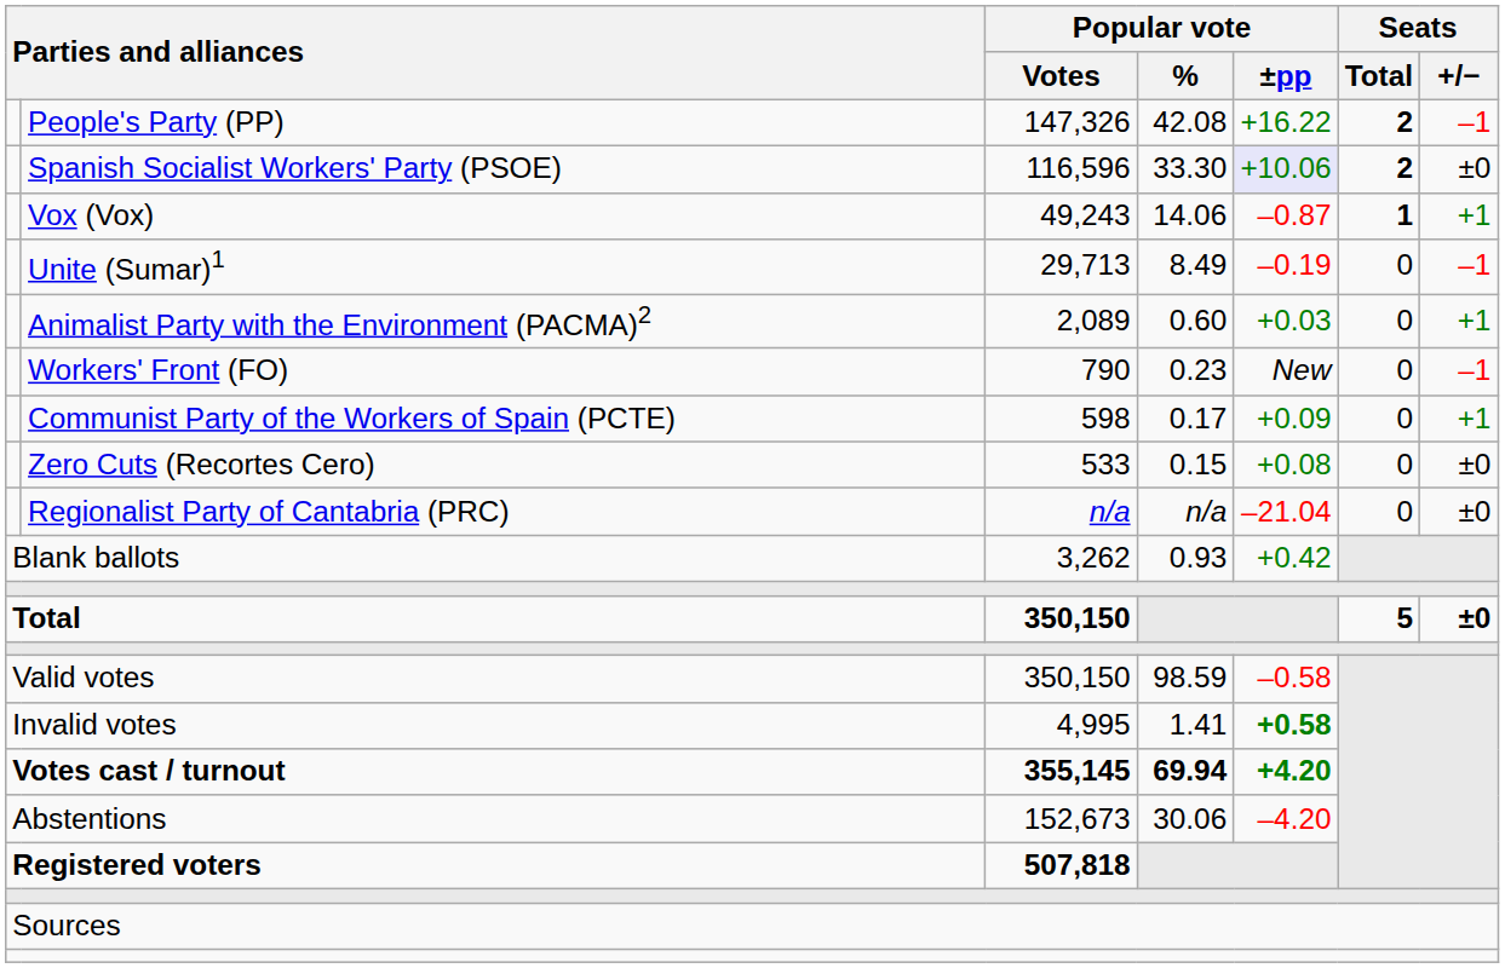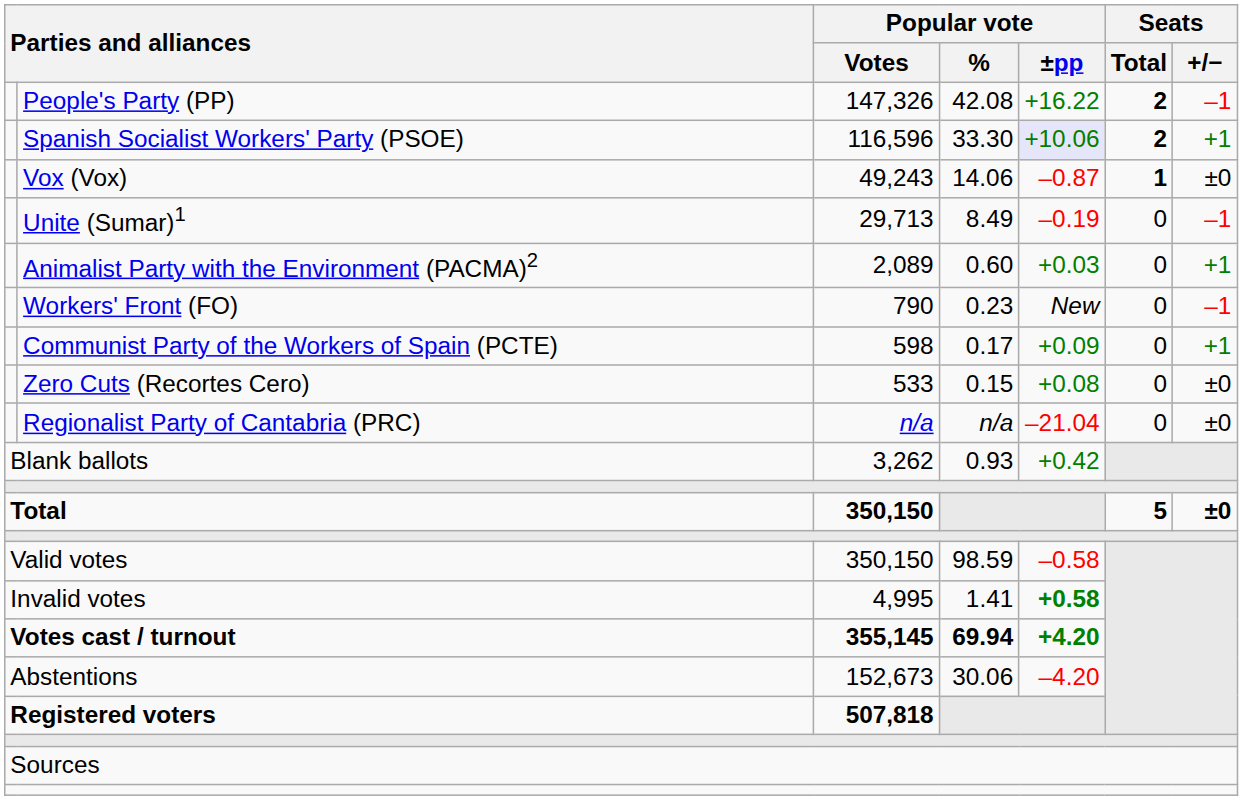 <table class="wikitable" style="text-align:right;">
 <tr>
 <th style="text-align:left;" rowspan="2" colspan="2" width="525">Parties and alliances</th>
 <th colspan="3">Popular vote</th>
 <th colspan="2">Seats</th>
 </tr>
 <tr>
 <th width="75">Votes</th>
 <th width="45">%</th>
 <th width="45">±<a href='#'>pp</a></th>
 <th width="35">Total</th>
 <th width="35">+/−</th>
 </tr>
 <tr>
 <td width="1" style="color:inherit;background:"></td>
 <td align="left"><a href='#'>People's Party</a> (PP)</td>
 <td>147,326</td>
 <td>42.08</td>
 <td style="color:green;">+16.22</td>
 <td><strong>2</strong></td>
 <td style="color:red;">–1</td>
 </tr>
 <tr>
 <td style="color:inherit;background:"></td>
 <td align="left"><a href='#'>Spanish Socialist Workers' Party</a> (PSOE)</td>
 <td>116,596</td>
 <td>33.30</td>
 <td style="background: lavender; color:green;">+10.06</td>
 <td><strong>2</strong></td>
-<td>±0</td>
+<td style="color:green;">+1</td>
 </tr>
 <tr>
 <td style="color:inherit;background:"></td>
 <td align="left"><a href='#'>Vox</a> (Vox)</td>
 <td>49,243</td>
 <td>14.06</td>
 <td style="color:red;">–0.87</td>
 <td><strong>1</strong></td>
-<td style="color:green;">+1</td>
+<td>±0</td>
 </tr>
 <tr>
 <td style="color:inherit;background:"></td>
 <td align="left"><a href='#'>Unite</a> (Sumar)<sup>1</sup></td>
 <td>29,713</td>
 <td>8.49</td>
 <td style="color:red;">–0.19</td>
 <td>0</td>
 <td style="color:red;">–1</td>
 </tr>
 <tr>
 <td style="color:inherit;background:"></td>
 <td align="left"><a href='#'>Animalist Party with the Environment</a> (PACMA)<sup>2</sup></td>
 <td>2,089</td>
 <td>0.60</td>
 <td style="color:green;">+0.03</td>
 <td>0</td>
 <td style="color:green;">+1</td>
 </tr>
 <tr>
 <td style="color:inherit;background:"></td>
 <td align="left"><a href='#'>Workers' Front</a> (FO)</td>
 <td>790</td>
 <td>0.23</td>
 <td><em>New</em></td>
 <td>0</td>
 <td style="color:red;">–1</td>
 </tr>
 <tr>
 <td style="color:inherit;background:"></td>
 <td align="left"><a href='#'>Communist Party of the Workers of Spain</a> (PCTE)</td>
 <td>598</td>
 <td>0.17</td>
 <td style="color:green;">+0.09</td>
 <td>0</td>
 <td style="color:green;">+1</td>
 </tr>
 <tr>
 <td style="color:inherit;background:"></td>
 <td align="left"><a href='#'>Zero Cuts</a> (Recortes Cero)</td>
 <td>533</td>
 <td>0.15</td>
 <td style="color:green;">+0.08</td>
 <td>0</td>
 <td>±0</td>
 </tr>
 <tr>
 <td style="color:inherit;background:"></td>
 <td align="left"><a href='#'>Regionalist Party of Cantabria</a> (PRC)</td>
 <td><em><a href='#'>n/a</a></em></td>
 <td><em>n/a</em></td>
 <td style="color:red;">–21.04</td>
 <td>0</td>
 <td>±0</td>
 </tr>
 <tr>
 <td align="left" colspan="2">Blank ballots</td>
 <td>3,262</td>
 <td>0.93</td>
 <td style="color:green;">+0.42</td>
 <td bgcolor="#E9E9E9" colspan="2"></td>
 </tr>
 <tr>
 <td colspan="7" bgcolor="#E9E9E9"></td>
 </tr>
 <tr style="font-weight:bold;">
 <td align="left" colspan="2">Total</td>
 <td>350,150</td>
 <td bgcolor="#E9E9E9" colspan="2"></td>
 <td>5</td>
 <td>±0</td>
 </tr>
 <tr>
 <td colspan="7" bgcolor="#E9E9E9"></td>
 </tr>
 <tr>
 <td align="left" colspan="2">Valid votes</td>
 <td>350,150</td>
 <td>98.59</td>
 <td style="color:red;">–0.58</td>
 <td bgcolor="#E9E9E9" colspan="2" rowspan="5"></td>
 </tr>
 <tr>
 <td align="left" colspan="2">Invalid votes</td>
 <td>4,995</td>
 <td>1.41</td>
 <td style="color:green;"><strong>+0.58</strong></td>
 </tr>
 <tr style="font-weight:bold;">
 <td align="left" colspan="2">Votes cast / turnout</td>
 <td>355,145</td>
 <td>69.94</td>
 <td style="color:green;">+4.20</td>
 </tr>
 <tr>
 <td align="left" colspan="2">Abstentions</td>
 <td>152,673</td>
 <td>30.06</td>
 <td style="color:red;">–4.20</td>
 </tr>
 <tr style="font-weight:bold;">
 <td align="left" colspan="2">Registered voters</td>
 <td>507,818</td>
 <td bgcolor="#E9E9E9" colspan="2"></td>
 </tr>
 <tr>
 <td colspan="7" bgcolor="#E9E9E9"></td>
 </tr>
 <tr>
 <td align="left" colspan="7">Sources</td>
 </tr>
 <tr>
 <td colspan="7" style="text-align:left; max-width:790px;"></td>
 </tr>
 </table>
